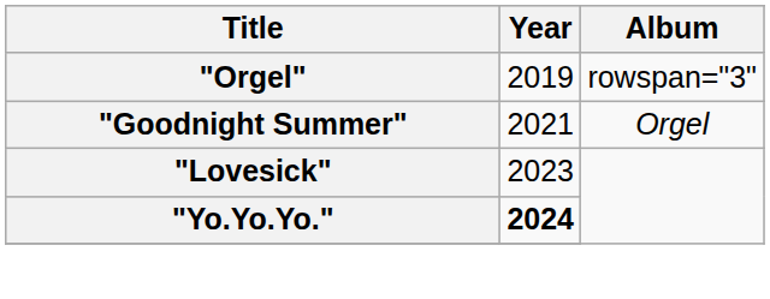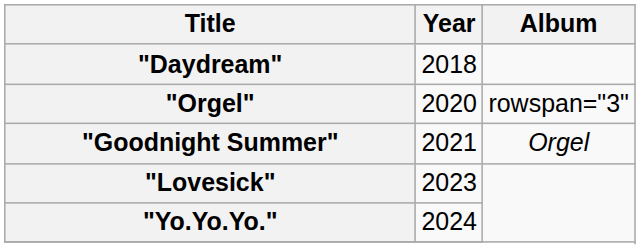 <table class="wikitable plainrowheaders" style="text-align:center;">
 <tr>
 <th scope="col" style="width:16em;">Title</th>
 <th scope="col">Year</th>
 <th scope="col">Album</th>
 </tr>
 <tr>
+<th scope="row">"Daydream"</th>
+<td>2018</td>
+<td></td>
+</tr>
+<tr>
 <th scope="row">"Orgel"</th>
-<td>2019</td>
+<td>2020</td>
 <td>rowspan="3" </td>
 </tr>
 <tr>
 <th scope="row">"Goodnight Summer"</th>
 <td>2021</td>
 <td><em>Orgel</em></td>
 </tr>
 <tr>
 <th scope="row">"Lovesick"</th>
 <td>2023</td>
 </tr>
 <tr>
 <th scope="row">"Yo.Yo.Yo."</th>
-<td><strong>2024</strong></td>
+<td>2024</td>
 </tr>
 <tr>
 </tr>
 </table>
